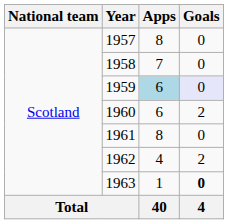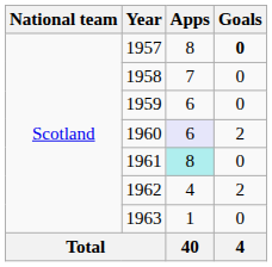 <table class="wikitable" style="text-align:center">
 <tr>
 <th>National team</th>
 <th>Year</th>
 <th>Apps</th>
 <th>Goals</th>
 </tr>
 <tr>
 <td rowspan="7"><a href='#'>Scotland</a></td>
 <td>1957</td>
 <td>8</td>
-<td>0</td>
+<td><strong>0</strong></td>
 </tr>
 <tr>
 <td>1958</td>
 <td>7</td>
 <td>0</td>
 </tr>
 <tr>
 <td>1959</td>
-<td style="background: lightblue;">6</td>
-<td style="background: lavender;">0</td>
+<td>6</td>
+<td>0</td>
 </tr>
 <tr>
 <td>1960</td>
-<td>6</td>
+<td style="background: lavender;">6</td>
 <td>2</td>
 </tr>
 <tr>
 <td>1961</td>
-<td>8</td>
+<td style="background: paleturquoise;">8</td>
 <td>0</td>
 </tr>
 <tr>
 <td>1962</td>
 <td>4</td>
 <td>2</td>
 </tr>
 <tr>
 <td>1963</td>
 <td>1</td>
-<td><strong>0</strong></td>
+<td>0</td>
 </tr>
 <tr>
 <th colspan=2>Total</th>
 <th>40</th>
 <th>4</th>
 </tr>
 </table>
